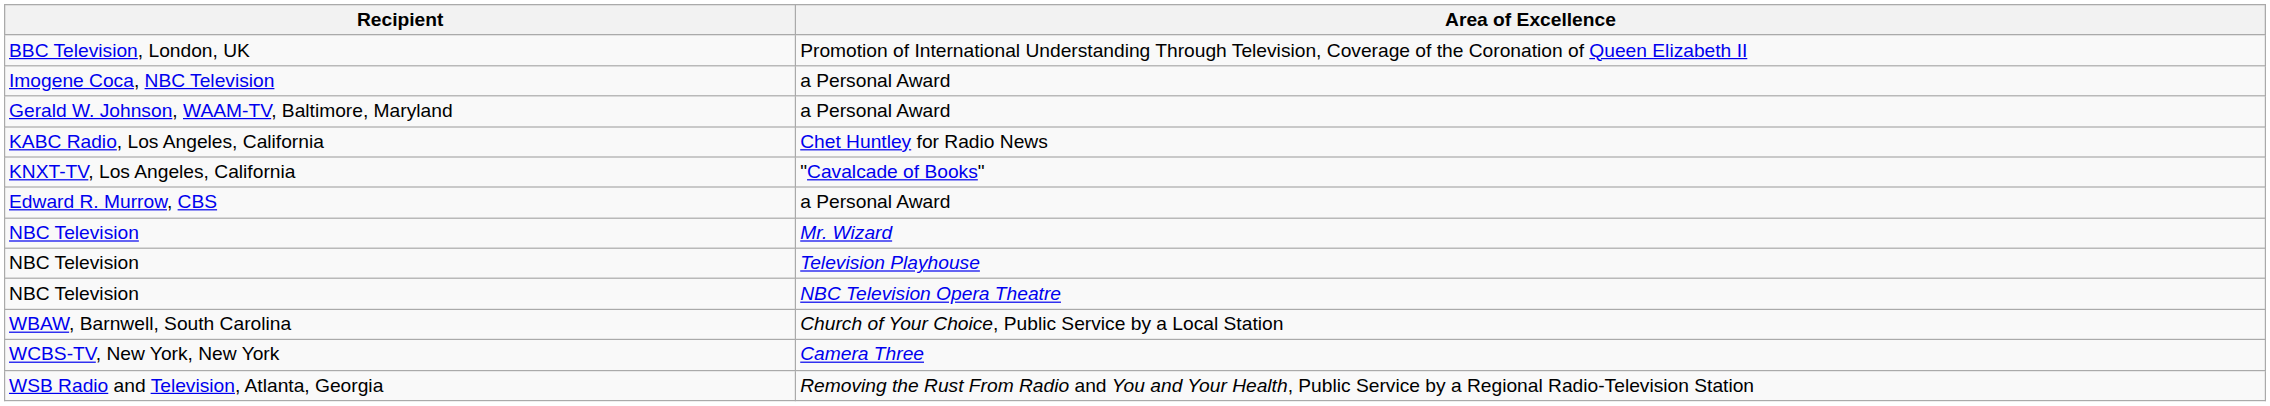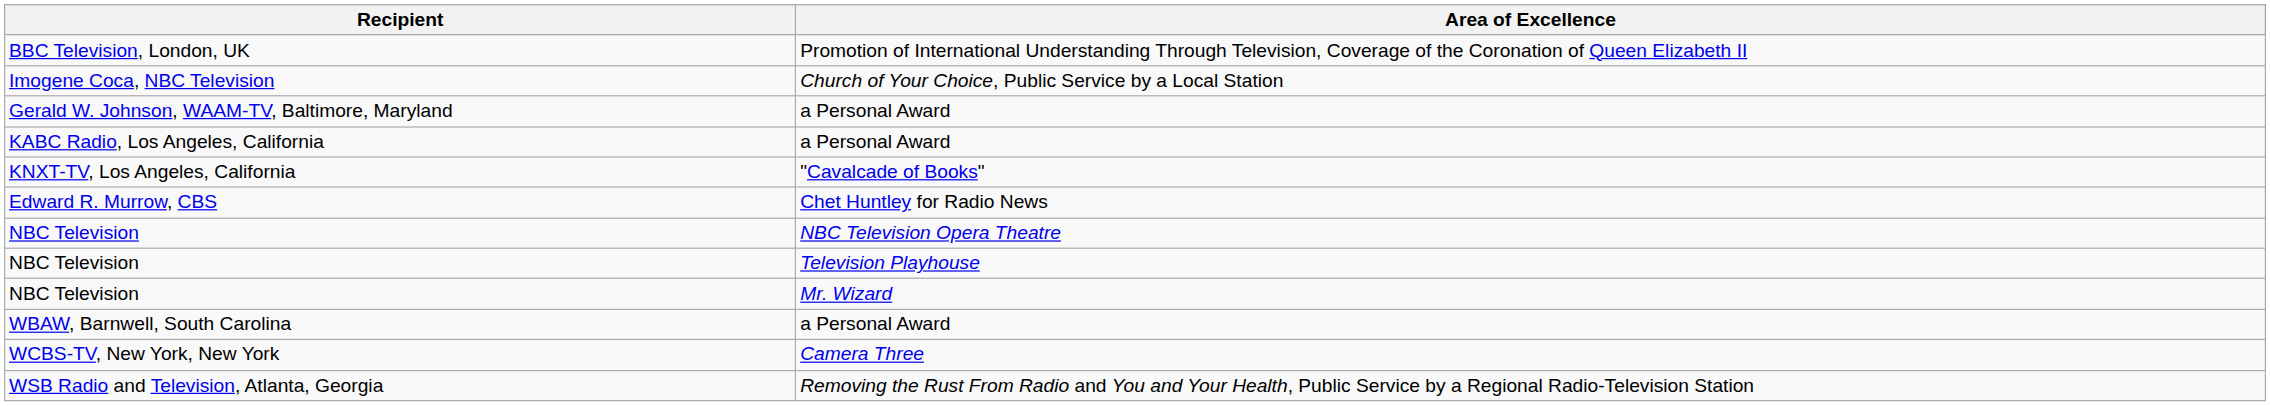 <table class="wikitable" style="width:95%">
 <tr bgcolor="#CCCCCC">
 <th width=35%>Recipient</th>
 <th width=65%>Area of Excellence</th>
 </tr>
 <tr>
 <td rowspan="1"><a href='#'>BBC Television</a>, London, UK</td>
 <td>Promotion of International Understanding Through Television, Coverage of the Coronation of <a href='#'>Queen Elizabeth II</a></td>
 </tr>
 <tr>
 <td rowspan="1"><a href='#'>Imogene Coca</a>, <a href='#'>NBC Television</a></td>
-<td>a Personal Award</td>
+<td><em>Church of Your Choice</em>, Public Service by a Local Station</td>
 </tr>
 <tr>
 <td rowspan="1"><a href='#'>Gerald W. Johnson</a>, <a href='#'>WAAM-TV</a>, Baltimore, Maryland</td>
 <td>a Personal Award</td>
 </tr>
 <tr>
 <td rowspan="1"><a href='#'>KABC Radio</a>, Los Angeles, California</td>
-<td><a href='#'>Chet Huntley</a> for Radio News</td>
+<td>a Personal Award</td>
 </tr>
 <tr>
 <td rowspan="1"><a href='#'>KNXT-TV</a>, Los Angeles, California</td>
 <td>"<a href='#'>Cavalcade of Books</a>"</td>
 </tr>
 <tr>
 <td rowspan="1"><a href='#'>Edward R. Murrow</a>, <a href='#'>CBS</a></td>
-<td>a Personal Award</td>
+<td><a href='#'>Chet Huntley</a> for Radio News</td>
 </tr>
 <tr>
 <td rowspan="1"><a href='#'>NBC Television</a></td>
-<td><em><a href='#'>Mr. Wizard</a></em></td>
+<td><em><a href='#'>NBC Television Opera Theatre</a></em></td>
 </tr>
 <tr>
 <td rowspan="1">NBC Television</td>
 <td><em><a href='#'>Television Playhouse</a></em></td>
 </tr>
 <tr>
 <td rowspan="1">NBC Television</td>
-<td><em><a href='#'>NBC Television Opera Theatre</a></em></td>
+<td><em><a href='#'>Mr. Wizard</a></em></td>
 </tr>
 <tr>
 <td rowspan="1"><a href='#'>WBAW</a>, Barnwell, South Carolina</td>
-<td><em>Church of Your Choice</em>, Public Service by a Local Station</td>
+<td>a Personal Award</td>
 </tr>
 <tr>
 <td rowspan="1"><a href='#'>WCBS-TV</a>, New York, New York</td>
 <td><em><a href='#'>Camera Three</a></em></td>
 </tr>
 <tr>
 <td rowspan="1"><a href='#'>WSB Radio</a> and <a href='#'>Television</a>, Atlanta, Georgia</td>
 <td><em>Removing the Rust From Radio</em> and <em>You and Your Health</em>, Public Service by a Regional Radio-Television Station</td>
 </tr>
 </table>
